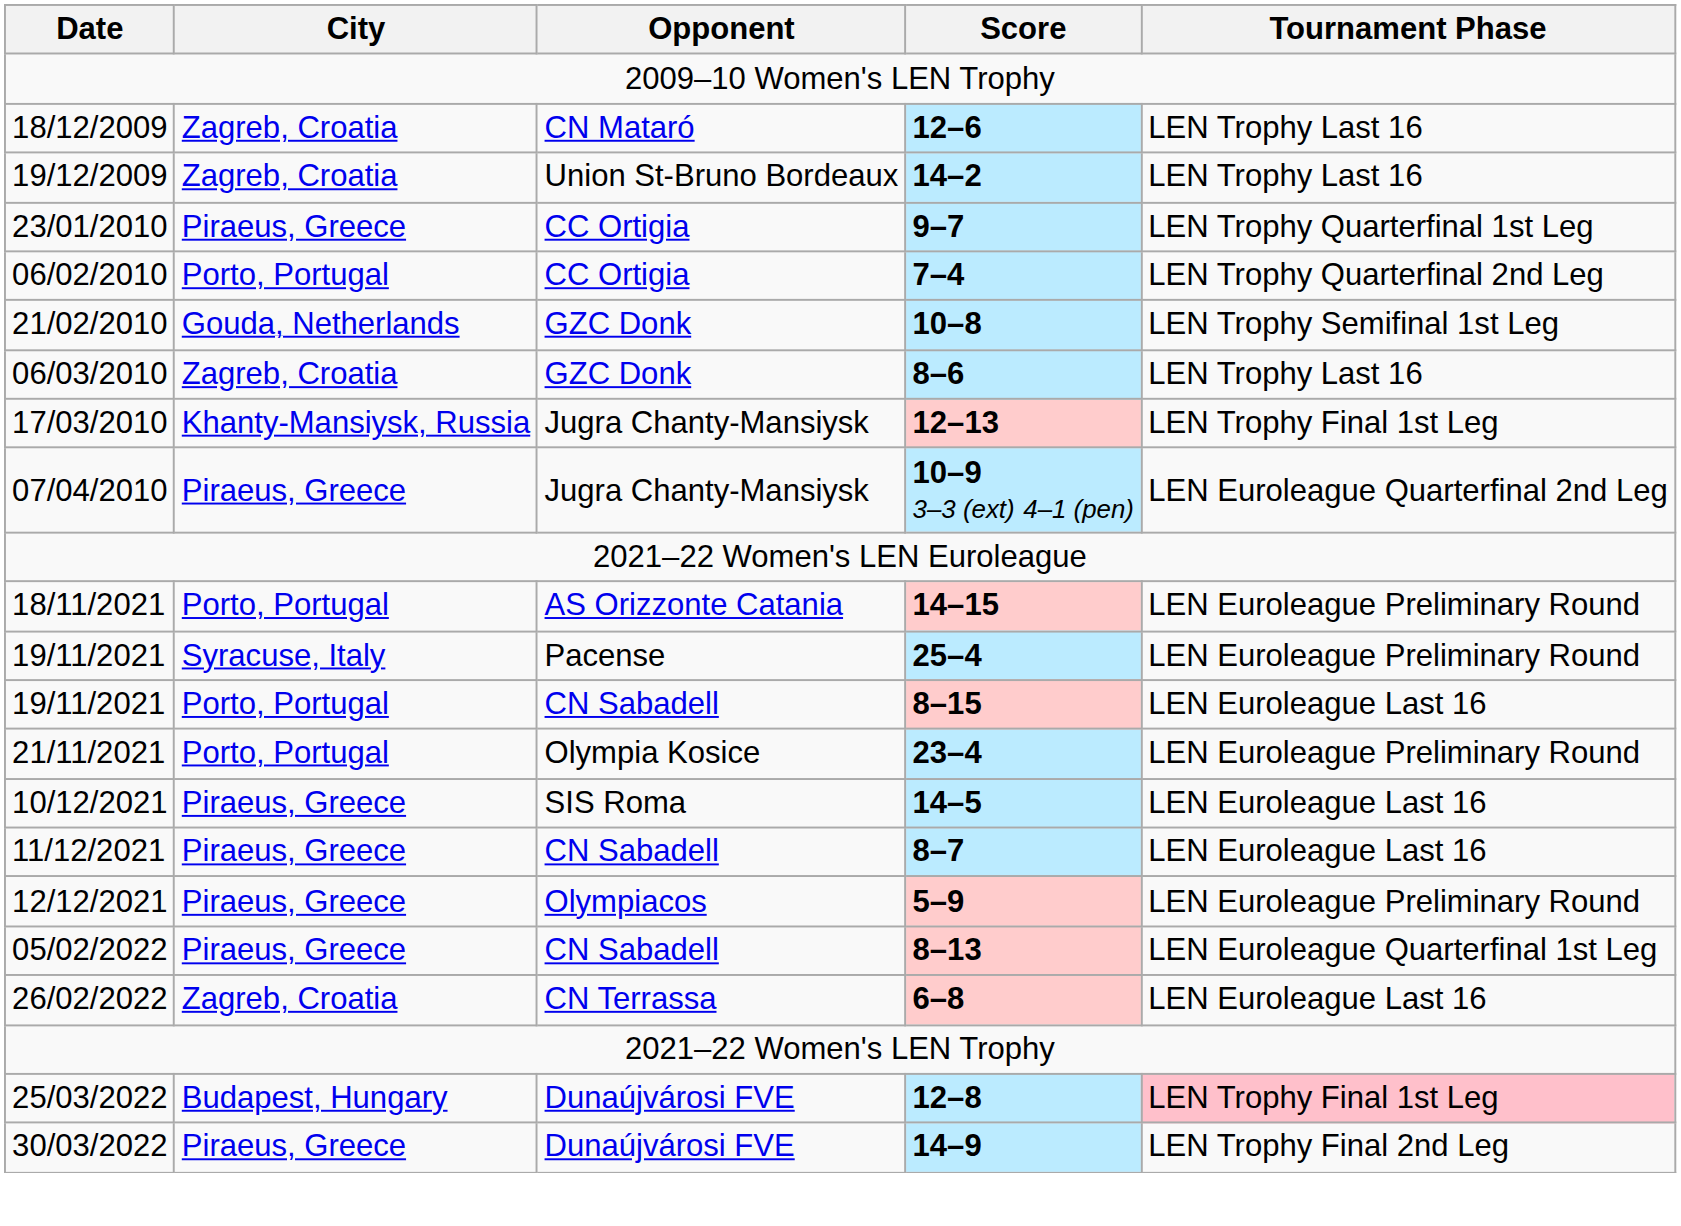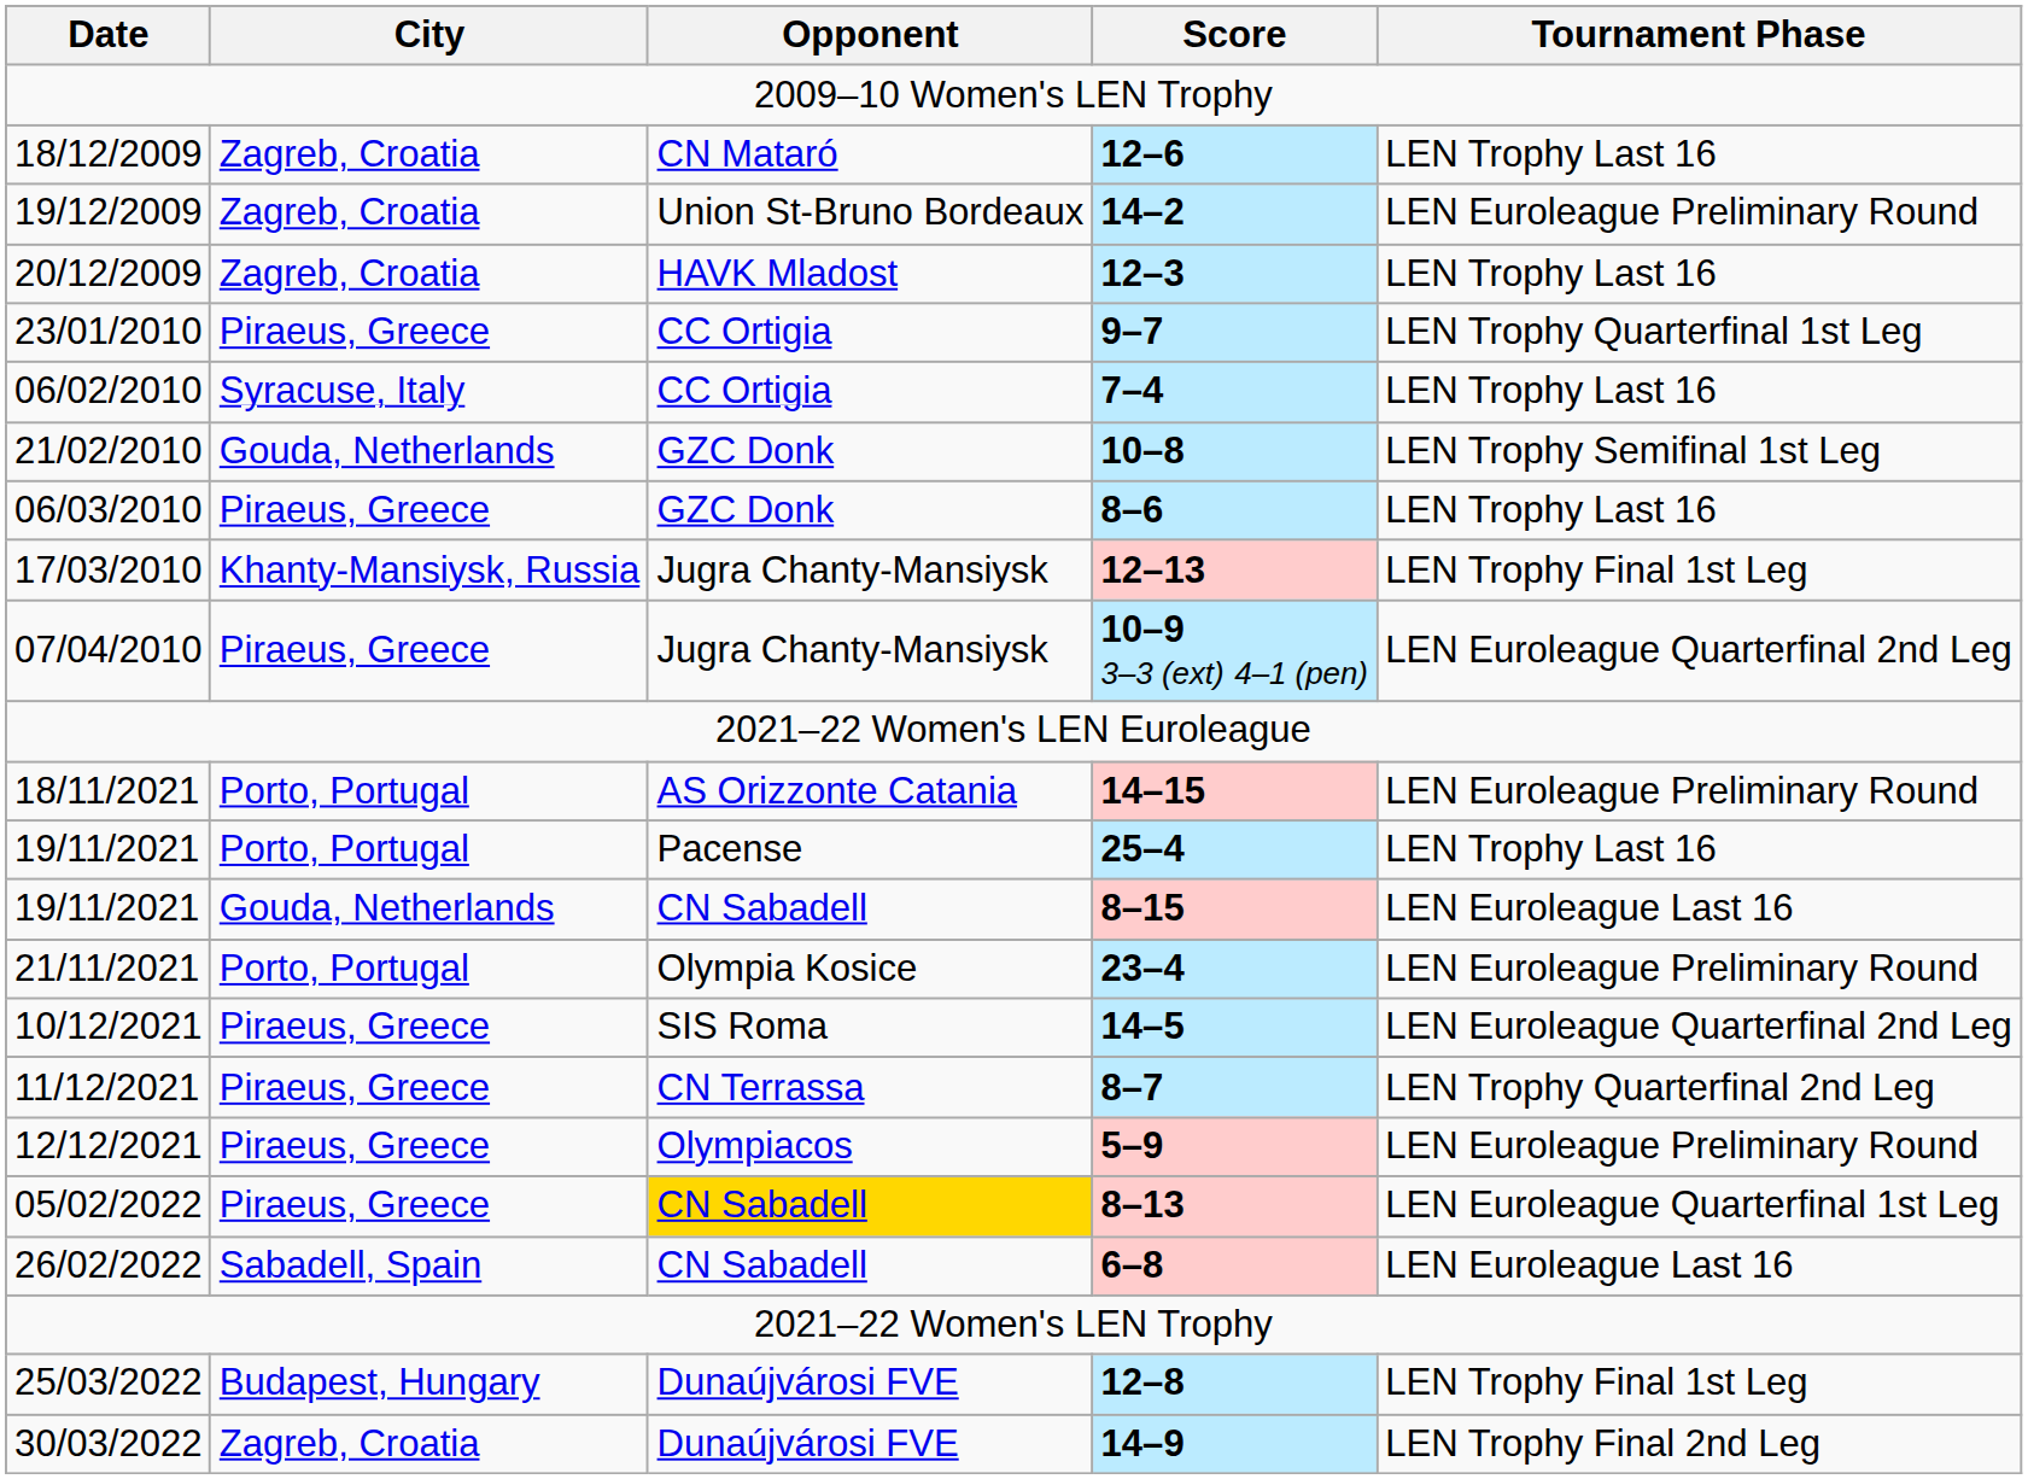 <table class="wikitable">
 <tr>
 <th>Date</th>
 <th>City</th>
 <th>Opponent</th>
 <th>Score</th>
 <th>Tournament Phase</th>
 </tr>
 <tr>
 <td colspan="5" style="text-align:center;">2009–10 Women's LEN Trophy</td>
 </tr>
 <tr>
 <td>18/12/2009</td>
 <td><a href='#'>Zagreb, Croatia</a></td>
 <td> <a href='#'>CN Mataró</a></td>
 <td bgcolor="BBEBFF"><strong>12–6</strong></td>
 <td>LEN Trophy Last 16</td>
 </tr>
 <tr>
 <td>19/12/2009</td>
 <td><a href='#'>Zagreb, Croatia</a></td>
 <td> Union St-Bruno Bordeaux</td>
 <td bgcolor="BBEBFF"><strong>14–2</strong></td>
+<td>LEN Euroleague Preliminary Round</td>
+</tr>
+<tr>
+<td>20/12/2009</td>
+<td><a href='#'>Zagreb, Croatia</a></td>
+<td> <a href='#'>HAVK Mladost</a></td>
+<td bgcolor="BBEBFF"><strong>12–3</strong></td>
 <td>LEN Trophy Last 16</td>
 </tr>
 <tr>
 <td>23/01/2010</td>
 <td><a href='#'>Piraeus, Greece</a></td>
 <td> <a href='#'>CC Ortigia</a></td>
 <td bgcolor="BBEBFF"><strong>9–7</strong></td>
 <td>LEN Trophy Quarterfinal 1st Leg</td>
 </tr>
 <tr>
 <td>06/02/2010</td>
-<td><a href='#'>Porto, Portugal</a></td>
+<td><a href='#'>Syracuse, Italy</a></td>
 <td> <a href='#'>CC Ortigia</a></td>
 <td bgcolor="BBEBFF"><strong>7–4</strong></td>
-<td>LEN Trophy Quarterfinal 2nd Leg</td>
+<td>LEN Trophy Last 16</td>
 </tr>
 <tr>
 <td>21/02/2010</td>
 <td><a href='#'>Gouda, Netherlands</a></td>
 <td> <a href='#'>GZC Donk</a></td>
 <td bgcolor="BBEBFF"><strong>10–8</strong></td>
 <td>LEN Trophy Semifinal 1st Leg</td>
 </tr>
 <tr>
 <td>06/03/2010</td>
-<td><a href='#'>Zagreb, Croatia</a></td>
+<td><a href='#'>Piraeus, Greece</a></td>
 <td> <a href='#'>GZC Donk</a></td>
 <td bgcolor="BBEBFF"><strong>8–6</strong></td>
 <td>LEN Trophy Last 16</td>
 </tr>
 <tr>
 <td>17/03/2010</td>
 <td><a href='#'>Khanty-Mansiysk, Russia</a></td>
 <td> Jugra Chanty-Mansiysk</td>
 <td bgcolor="FFCCCC"><strong>12–13</strong></td>
 <td>LEN Trophy Final 1st Leg</td>
 </tr>
 <tr>
 <td>07/04/2010</td>
 <td><a href='#'>Piraeus, Greece</a></td>
 <td> Jugra Chanty-Mansiysk</td>
 <td bgcolor="BBEBFF"><strong>10–9</strong><br><em><small>3–3 (ext)</small></em> <em><small>4–1 (pen)</small></em></td>
 <td>LEN Euroleague Quarterfinal 2nd Leg</td>
 </tr>
 <tr>
 <td colspan="5" style="text-align:center;">2021–22 Women's LEN Euroleague</td>
 </tr>
 <tr>
 <td>18/11/2021</td>
 <td><a href='#'>Porto, Portugal</a></td>
 <td> <a href='#'>AS Orizzonte Catania</a></td>
 <td bgcolor="FFCCCC"><strong>14–15</strong></td>
 <td>LEN Euroleague Preliminary Round</td>
 </tr>
 <tr>
 <td>19/11/2021</td>
-<td><a href='#'>Syracuse, Italy</a></td>
+<td><a href='#'>Porto, Portugal</a></td>
 <td> Pacense</td>
 <td bgcolor="BBEBFF"><strong>25–4</strong></td>
-<td>LEN Euroleague Preliminary Round</td>
+<td>LEN Trophy Last 16</td>
 </tr>
 <tr>
 <td>19/11/2021</td>
-<td><a href='#'>Porto, Portugal</a></td>
+<td><a href='#'>Gouda, Netherlands</a></td>
 <td> <a href='#'>CN Sabadell</a></td>
 <td bgcolor="FFCCCC"><strong>8–15</strong></td>
 <td>LEN Euroleague Last 16</td>
 </tr>
 <tr>
 <td>21/11/2021</td>
 <td><a href='#'>Porto, Portugal</a></td>
 <td> Olympia Kosice</td>
 <td bgcolor="BBEBFF"><strong>23–4</strong></td>
 <td>LEN Euroleague Preliminary Round</td>
 </tr>
 <tr>
 <td>10/12/2021</td>
 <td><a href='#'>Piraeus, Greece</a></td>
 <td> SIS Roma</td>
 <td bgcolor="BBEBFF"><strong>14–5</strong></td>
-<td>LEN Euroleague Last 16</td>
+<td>LEN Euroleague Quarterfinal 2nd Leg</td>
 </tr>
 <tr>
 <td>11/12/2021</td>
 <td><a href='#'>Piraeus, Greece</a></td>
-<td> <a href='#'>CN Sabadell</a></td>
+<td> <a href='#'>CN Terrassa</a></td>
 <td bgcolor="BBEBFF"><strong>8–7</strong></td>
-<td>LEN Euroleague Last 16</td>
+<td>LEN Trophy Quarterfinal 2nd Leg</td>
 </tr>
 <tr>
 <td>12/12/2021</td>
 <td><a href='#'>Piraeus, Greece</a></td>
 <td> <a href='#'>Olympiacos</a></td>
 <td bgcolor="FFCCCC"><strong>5–9</strong></td>
 <td>LEN Euroleague Preliminary Round</td>
 </tr>
 <tr>
 <td>05/02/2022</td>
 <td><a href='#'>Piraeus, Greece</a></td>
-<td> <a href='#'>CN Sabadell</a></td>
+<td style="background: gold;"> <a href='#'>CN Sabadell</a></td>
 <td bgcolor="FFCCCC"><strong>8–13</strong></td>
 <td>LEN Euroleague Quarterfinal 1st Leg</td>
 </tr>
 <tr>
 <td>26/02/2022</td>
-<td><a href='#'>Zagreb, Croatia</a></td>
-<td> <a href='#'>CN Terrassa</a></td>
+<td><a href='#'>Sabadell, Spain</a></td>
+<td> <a href='#'>CN Sabadell</a></td>
 <td bgcolor="FFCCCC"><strong>6–8</strong></td>
 <td>LEN Euroleague Last 16</td>
 </tr>
 <tr>
 <td colspan="5" style="text-align:center;">2021–22 Women's LEN Trophy</td>
 </tr>
 <tr>
 <td>25/03/2022</td>
 <td><a href='#'>Budapest, Hungary</a></td>
 <td> <a href='#'>Dunaújvárosi FVE</a></td>
 <td bgcolor="BBEBFF"><strong>12–8</strong></td>
-<td style="background: pink;">LEN Trophy Final 1st Leg</td>
+<td>LEN Trophy Final 1st Leg</td>
 </tr>
 <tr>
 <td>30/03/2022</td>
-<td><a href='#'>Piraeus, Greece</a></td>
+<td><a href='#'>Zagreb, Croatia</a></td>
 <td> <a href='#'>Dunaújvárosi FVE</a></td>
 <td bgcolor="BBEBFF"><strong>14–9</strong></td>
 <td>LEN Trophy Final 2nd Leg</td>
 </tr>
 </table>
